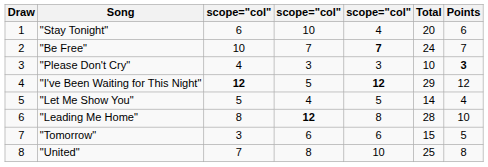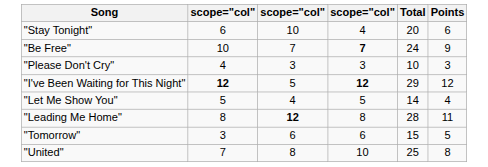 <table class="wikitable collapsible" style="margin: 1em auto 1em auto; text-align:center;">
 <tr>
-<th>Draw</th>
 <th>Song</th>
 <th>scope="col" </th>
 <th>scope="col" </th>
 <th>scope="col" </th>
 <th>Total</th>
 <th>Points</th>
 </tr>
 <tr>
-<td>1</td>
 <td align="left">"Stay Tonight"</td>
 <td>6</td>
 <td>10</td>
 <td>4</td>
 <td>20</td>
 <td>6</td>
 </tr>
 <tr>
-<td>2</td>
 <td align="left">"Be Free"</td>
 <td>10</td>
 <td>7</td>
 <td><strong>7</strong></td>
 <td>24</td>
-<td>7</td>
+<td>9</td>
 </tr>
 <tr>
-<td>3</td>
 <td align="left">"Please Don't Cry"</td>
 <td>4</td>
 <td>3</td>
 <td>3</td>
 <td>10</td>
-<td><strong>3</strong></td>
+<td>3</td>
 </tr>
 <tr>
-<td>4</td>
 <td align="left">"I've Been Waiting for This Night"</td>
 <td><strong>12</strong></td>
 <td>5</td>
 <td><strong>12</strong></td>
 <td>29</td>
 <td>12</td>
 </tr>
 <tr>
-<td>5</td>
 <td align="left">"Let Me Show You"</td>
 <td>5</td>
 <td>4</td>
 <td>5</td>
 <td>14</td>
 <td>4</td>
 </tr>
 <tr>
-<td>6</td>
 <td align="left">"Leading Me Home"</td>
 <td>8</td>
 <td><strong>12</strong></td>
 <td>8</td>
 <td>28</td>
-<td>10</td>
+<td>11</td>
 </tr>
 <tr>
-<td>7</td>
 <td align="left">"Tomorrow"</td>
 <td>3</td>
 <td>6</td>
 <td>6</td>
 <td>15</td>
 <td>5</td>
 </tr>
 <tr>
-<td>8</td>
 <td align="left">"United"</td>
 <td>7</td>
 <td>8</td>
 <td>10</td>
 <td>25</td>
 <td>8</td>
 </tr>
 </table>
